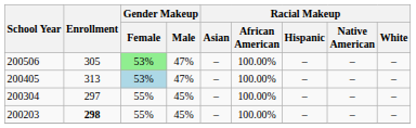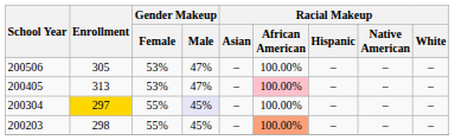 <table class="wikitable" style="font-size: 95%;">
 <tr>
 <th rowspan="2">School Year</th>
 <th rowspan="2">Enrollment</th>
 <th colspan="2">Gender Makeup</th>
 <th colspan="5">Racial Makeup</th>
 </tr>
 <tr>
 <th>Female</th>
 <th>Male</th>
 <th>Asian</th>
 <th>African <br>American</th>
 <th>Hispanic</th>
 <th>Native <br>American</th>
 <th>White</th>
 </tr>
 <tr>
 <td align="left">200506</td>
 <td align="center">305</td>
-<td align="center" style="background: lightgreen;">53%</td>
+<td align="center">53%</td>
 <td align="center">47%</td>
 <td align="center">–</td>
 <td align="center">100.00%</td>
 <td align="center">–</td>
 <td align="center">–</td>
 <td align="center">–</td>
 </tr>
 <tr>
 <td align="left">200405</td>
 <td align="center">313</td>
-<td align="center" style="background: lightblue;">53%</td>
+<td align="center">53%</td>
 <td align="center">47%</td>
 <td align="center">–</td>
-<td align="center">100.00%</td>
+<td align="center" style="background: pink;">100.00%</td>
 <td align="center">–</td>
 <td align="center">–</td>
 <td align="center">–</td>
 </tr>
 <tr>
 <td align="left">200304</td>
-<td align="center">297</td>
+<td align="center" style="background: gold;">297</td>
 <td align="center">55%</td>
-<td align="center">45%</td>
+<td align="center" style="background: lavender;">45%</td>
 <td align="center">–</td>
 <td align="center">100.00%</td>
 <td align="center">–</td>
 <td align="center">–</td>
 <td align="center">–</td>
 </tr>
 <tr>
 <td align="left">200203</td>
-<td align="center"><strong>298</strong></td>
+<td align="center">298</td>
 <td align="center">55%</td>
 <td align="center">45%</td>
 <td align="center">–</td>
-<td align="center">100.00%</td>
+<td align="center" style="background: lightsalmon;">100.00%</td>
 <td align="center">–</td>
 <td align="center">–</td>
 <td align="center">–</td>
 </tr>
 <tr>
 </tr>
 </table>
